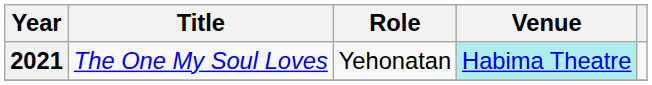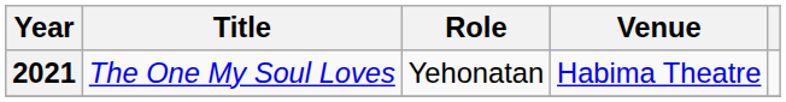 <table class="wikitable plainrowheaders sortable">
 <tr>
 <th scope="col">Year</th>
 <th scope="col">Title</th>
 <th scope="col">Role</th>
 <th scope="col">Venue</th>
 <th scope="col" class="unsortable"></th>
 </tr>
 <tr>
 <th scope="row">2021</th>
 <td><em><a href='#'>The One My Soul Loves</a></em></td>
 <td>Yehonatan</td>
-<td style="background: paleturquoise;"><a href='#'>Habima Theatre</a></td>
+<td><a href='#'>Habima Theatre</a></td>
 <td style="text-align:center;"></td>
 </tr>
 <tr>
 </tr>
 </table>
